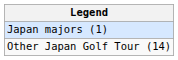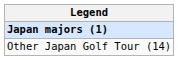 <table class="wikitable" style="font-size:95%;">
 <tr>
 <th>Legend</th>
 </tr>
 <tr style="background:#D6E8FF;">
-<td>Japan majors (1)</td>
+<td><strong>Japan majors (1)</strong></td>
 </tr>
 <tr>
 <td>Other Japan Golf Tour (14)</td>
 </tr>
 </table>
